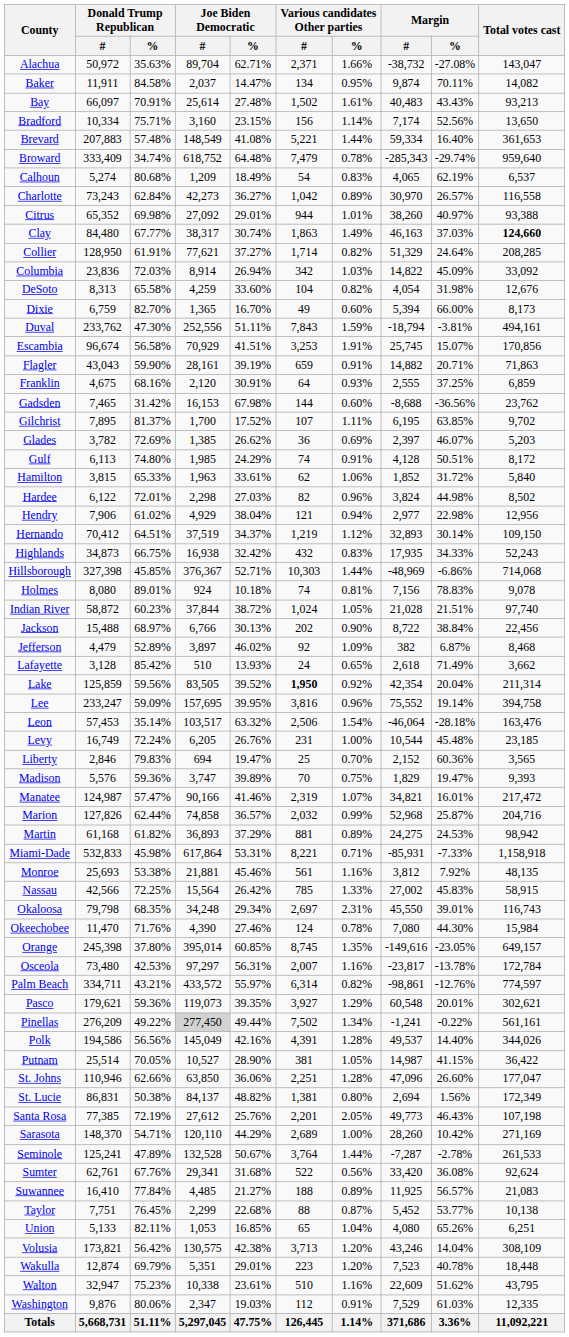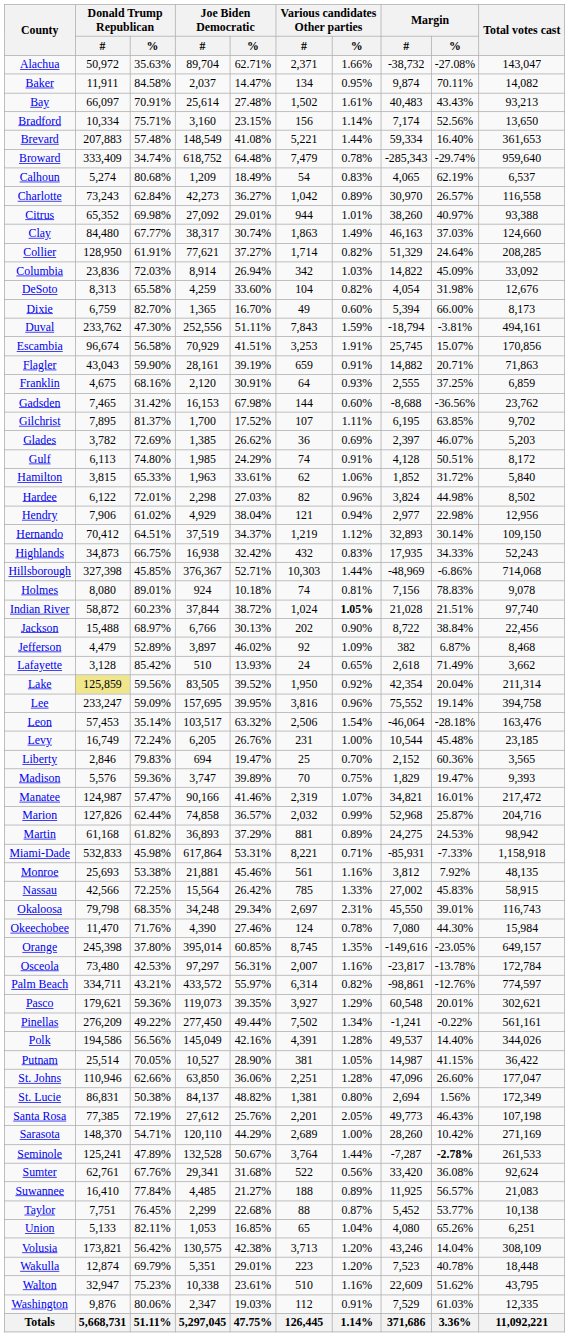 <table width="60%"  class="wikitable sortable" style="text-align:center">
 <tr>
 <th rowspan="2">County</th>
 <th style="text-align:center;" colspan="2">Donald Trump<br>Republican</th>
 <th style="text-align:center;" colspan="2">Joe Biden<br>Democratic</th>
 <th style="text-align:center;" colspan="2">Various candidates<br>Other parties</th>
 <th style="text-align:center;" colspan="2">Margin</th>
 <th style="text-align:center;" rowspan="2">Total votes cast</th>
 </tr>
 <tr>
 <th style="text-align:center;" data-sort-type="number">#</th>
 <th style="text-align:center;" data-sort-type="number">%</th>
 <th style="text-align:center;" data-sort-type="number">#</th>
 <th style="text-align:center;" data-sort-type="number">%</th>
 <th style="text-align:center;" data-sort-type="number">#</th>
 <th style="text-align:center;" data-sort-type="number">%</th>
 <th style="text-align:center;" data-sort-type="number">#</th>
 <th style="text-align:center;" data-sort-type="number">%</th>
 </tr>
 <tr style="text-align:center;">
 <td><a href='#'>Alachua</a></td>
 <td>50,972</td>
 <td>35.63%</td>
 <td>89,704</td>
 <td>62.71%</td>
 <td>2,371</td>
 <td>1.66%</td>
 <td>-38,732</td>
 <td>-27.08%</td>
 <td>143,047</td>
 </tr>
 <tr style="text-align:center;">
 <td><a href='#'>Baker</a></td>
 <td>11,911</td>
 <td>84.58%</td>
 <td>2,037</td>
 <td>14.47%</td>
 <td>134</td>
 <td>0.95%</td>
 <td>9,874</td>
 <td>70.11%</td>
 <td>14,082</td>
 </tr>
 <tr style="text-align:center;">
 <td><a href='#'>Bay</a></td>
 <td>66,097</td>
 <td>70.91%</td>
 <td>25,614</td>
 <td>27.48%</td>
 <td>1,502</td>
 <td>1.61%</td>
 <td>40,483</td>
 <td>43.43%</td>
 <td>93,213</td>
 </tr>
 <tr style="text-align:center;">
 <td><a href='#'>Bradford</a></td>
 <td>10,334</td>
 <td>75.71%</td>
 <td>3,160</td>
 <td>23.15%</td>
 <td>156</td>
 <td>1.14%</td>
 <td>7,174</td>
 <td>52.56%</td>
 <td>13,650</td>
 </tr>
 <tr style="text-align:center;">
 <td><a href='#'>Brevard</a></td>
 <td>207,883</td>
 <td>57.48%</td>
 <td>148,549</td>
 <td>41.08%</td>
 <td>5,221</td>
 <td>1.44%</td>
 <td>59,334</td>
 <td>16.40%</td>
 <td>361,653</td>
 </tr>
 <tr style="text-align:center;">
 <td><a href='#'>Broward</a></td>
 <td>333,409</td>
 <td>34.74%</td>
 <td>618,752</td>
 <td>64.48%</td>
 <td>7,479</td>
 <td>0.78%</td>
 <td>-285,343</td>
 <td>-29.74%</td>
 <td>959,640</td>
 </tr>
 <tr style="text-align:center;">
 <td><a href='#'>Calhoun</a></td>
 <td>5,274</td>
 <td>80.68%</td>
 <td>1,209</td>
 <td>18.49%</td>
 <td>54</td>
 <td>0.83%</td>
 <td>4,065</td>
 <td>62.19%</td>
 <td>6,537</td>
 </tr>
 <tr style="text-align:center;">
 <td><a href='#'>Charlotte</a></td>
 <td>73,243</td>
 <td>62.84%</td>
 <td>42,273</td>
 <td>36.27%</td>
 <td>1,042</td>
 <td>0.89%</td>
 <td>30,970</td>
 <td>26.57%</td>
 <td>116,558</td>
 </tr>
 <tr style="text-align:center;">
 <td><a href='#'>Citrus</a></td>
 <td>65,352</td>
 <td>69.98%</td>
 <td>27,092</td>
 <td>29.01%</td>
 <td>944</td>
 <td>1.01%</td>
 <td>38,260</td>
 <td>40.97%</td>
 <td>93,388</td>
 </tr>
 <tr style="text-align:center;">
 <td><a href='#'>Clay</a></td>
 <td>84,480</td>
 <td>67.77%</td>
 <td>38,317</td>
 <td>30.74%</td>
 <td>1,863</td>
 <td>1.49%</td>
 <td>46,163</td>
 <td>37.03%</td>
-<td><strong>124,660</strong></td>
+<td>124,660</td>
 </tr>
 <tr style="text-align:center;">
 <td><a href='#'>Collier</a></td>
 <td>128,950</td>
 <td>61.91%</td>
 <td>77,621</td>
 <td>37.27%</td>
 <td>1,714</td>
 <td>0.82%</td>
 <td>51,329</td>
 <td>24.64%</td>
 <td>208,285</td>
 </tr>
 <tr style="text-align:center;">
 <td><a href='#'>Columbia</a></td>
 <td>23,836</td>
 <td>72.03%</td>
 <td>8,914</td>
 <td>26.94%</td>
 <td>342</td>
 <td>1.03%</td>
 <td>14,822</td>
 <td>45.09%</td>
 <td>33,092</td>
 </tr>
 <tr style="text-align:center;">
 <td><a href='#'>DeSoto</a></td>
 <td>8,313</td>
 <td>65.58%</td>
 <td>4,259</td>
 <td>33.60%</td>
 <td>104</td>
 <td>0.82%</td>
 <td>4,054</td>
 <td>31.98%</td>
 <td>12,676</td>
 </tr>
 <tr style="text-align:center;">
 <td><a href='#'>Dixie</a></td>
 <td>6,759</td>
 <td>82.70%</td>
 <td>1,365</td>
 <td>16.70%</td>
 <td>49</td>
 <td>0.60%</td>
 <td>5,394</td>
 <td>66.00%</td>
 <td>8,173</td>
 </tr>
 <tr style="text-align:center;">
 <td><a href='#'>Duval</a></td>
 <td>233,762</td>
 <td>47.30%</td>
 <td>252,556</td>
 <td>51.11%</td>
 <td>7,843</td>
 <td>1.59%</td>
 <td>-18,794</td>
 <td>-3.81%</td>
 <td>494,161</td>
 </tr>
 <tr style="text-align:center;">
 <td><a href='#'>Escambia</a></td>
 <td>96,674</td>
 <td>56.58%</td>
 <td>70,929</td>
 <td>41.51%</td>
 <td>3,253</td>
 <td>1.91%</td>
 <td>25,745</td>
 <td>15.07%</td>
 <td>170,856</td>
 </tr>
 <tr style="text-align:center;">
 <td><a href='#'>Flagler</a></td>
 <td>43,043</td>
 <td>59.90%</td>
 <td>28,161</td>
 <td>39.19%</td>
 <td>659</td>
 <td>0.91%</td>
 <td>14,882</td>
 <td>20.71%</td>
 <td>71,863</td>
 </tr>
 <tr style="text-align:center;">
 <td><a href='#'>Franklin</a></td>
 <td>4,675</td>
 <td>68.16%</td>
 <td>2,120</td>
 <td>30.91%</td>
 <td>64</td>
 <td>0.93%</td>
 <td>2,555</td>
 <td>37.25%</td>
 <td>6,859</td>
 </tr>
 <tr style="text-align:center;">
 <td><a href='#'>Gadsden</a></td>
 <td>7,465</td>
 <td>31.42%</td>
 <td>16,153</td>
 <td>67.98%</td>
 <td>144</td>
 <td>0.60%</td>
 <td>-8,688</td>
 <td>-36.56%</td>
 <td>23,762</td>
 </tr>
 <tr style="text-align:center;">
 <td><a href='#'>Gilchrist</a></td>
 <td>7,895</td>
 <td>81.37%</td>
 <td>1,700</td>
 <td>17.52%</td>
 <td>107</td>
 <td>1.11%</td>
 <td>6,195</td>
 <td>63.85%</td>
 <td>9,702</td>
 </tr>
 <tr style="text-align:center;">
 <td><a href='#'>Glades</a></td>
 <td>3,782</td>
 <td>72.69%</td>
 <td>1,385</td>
 <td>26.62%</td>
 <td>36</td>
 <td>0.69%</td>
 <td>2,397</td>
 <td>46.07%</td>
 <td>5,203</td>
 </tr>
 <tr style="text-align:center;">
 <td><a href='#'>Gulf</a></td>
 <td>6,113</td>
 <td>74.80%</td>
 <td>1,985</td>
 <td>24.29%</td>
 <td>74</td>
 <td>0.91%</td>
 <td>4,128</td>
 <td>50.51%</td>
 <td>8,172</td>
 </tr>
 <tr style="text-align:center;">
 <td><a href='#'>Hamilton</a></td>
 <td>3,815</td>
 <td>65.33%</td>
 <td>1,963</td>
 <td>33.61%</td>
 <td>62</td>
 <td>1.06%</td>
 <td>1,852</td>
 <td>31.72%</td>
 <td>5,840</td>
 </tr>
 <tr style="text-align:center;">
 <td><a href='#'>Hardee</a></td>
 <td>6,122</td>
 <td>72.01%</td>
 <td>2,298</td>
 <td>27.03%</td>
 <td>82</td>
 <td>0.96%</td>
 <td>3,824</td>
 <td>44.98%</td>
 <td>8,502</td>
 </tr>
 <tr style="text-align:center;">
 <td><a href='#'>Hendry</a></td>
 <td>7,906</td>
 <td>61.02%</td>
 <td>4,929</td>
 <td>38.04%</td>
 <td>121</td>
 <td>0.94%</td>
 <td>2,977</td>
 <td>22.98%</td>
 <td>12,956</td>
 </tr>
 <tr style="text-align:center;">
 <td><a href='#'>Hernando</a></td>
 <td>70,412</td>
 <td>64.51%</td>
 <td>37,519</td>
 <td>34.37%</td>
 <td>1,219</td>
 <td>1.12%</td>
 <td>32,893</td>
 <td>30.14%</td>
 <td>109,150</td>
 </tr>
 <tr style="text-align:center;">
 <td><a href='#'>Highlands</a></td>
 <td>34,873</td>
 <td>66.75%</td>
 <td>16,938</td>
 <td>32.42%</td>
 <td>432</td>
 <td>0.83%</td>
 <td>17,935</td>
 <td>34.33%</td>
 <td>52,243</td>
 </tr>
 <tr style="text-align:center;">
 <td><a href='#'>Hillsborough</a></td>
 <td>327,398</td>
 <td>45.85%</td>
 <td>376,367</td>
 <td>52.71%</td>
 <td>10,303</td>
 <td>1.44%</td>
 <td>-48,969</td>
 <td>-6.86%</td>
 <td>714,068</td>
 </tr>
 <tr style="text-align:center;">
 <td><a href='#'>Holmes</a></td>
 <td>8,080</td>
 <td>89.01%</td>
 <td>924</td>
 <td>10.18%</td>
 <td>74</td>
 <td>0.81%</td>
 <td>7,156</td>
 <td>78.83%</td>
 <td>9,078</td>
 </tr>
 <tr style="text-align:center;">
 <td><a href='#'>Indian River</a></td>
 <td>58,872</td>
 <td>60.23%</td>
 <td>37,844</td>
 <td>38.72%</td>
 <td>1,024</td>
-<td>1.05%</td>
+<td><strong>1.05%</strong></td>
 <td>21,028</td>
 <td>21.51%</td>
 <td>97,740</td>
 </tr>
 <tr style="text-align:center;">
 <td><a href='#'>Jackson</a></td>
 <td>15,488</td>
 <td>68.97%</td>
 <td>6,766</td>
 <td>30.13%</td>
 <td>202</td>
 <td>0.90%</td>
 <td>8,722</td>
 <td>38.84%</td>
 <td>22,456</td>
 </tr>
 <tr style="text-align:center;">
 <td><a href='#'>Jefferson</a></td>
 <td>4,479</td>
 <td>52.89%</td>
 <td>3,897</td>
 <td>46.02%</td>
 <td>92</td>
 <td>1.09%</td>
 <td>382</td>
 <td>6.87%</td>
 <td>8,468</td>
 </tr>
 <tr style="text-align:center;">
 <td><a href='#'>Lafayette</a></td>
 <td>3,128</td>
 <td>85.42%</td>
 <td>510</td>
 <td>13.93%</td>
 <td>24</td>
 <td>0.65%</td>
 <td>2,618</td>
 <td>71.49%</td>
 <td>3,662</td>
 </tr>
 <tr style="text-align:center;">
 <td><a href='#'>Lake</a></td>
-<td>125,859</td>
+<td style="background: khaki;">125,859</td>
 <td>59.56%</td>
 <td>83,505</td>
 <td>39.52%</td>
-<td><strong>1,950</strong></td>
+<td>1,950</td>
 <td>0.92%</td>
 <td>42,354</td>
 <td>20.04%</td>
 <td>211,314</td>
 </tr>
 <tr style="text-align:center;">
 <td><a href='#'>Lee</a></td>
 <td>233,247</td>
 <td>59.09%</td>
 <td>157,695</td>
 <td>39.95%</td>
 <td>3,816</td>
 <td>0.96%</td>
 <td>75,552</td>
 <td>19.14%</td>
 <td>394,758</td>
 </tr>
 <tr style="text-align:center;">
 <td><a href='#'>Leon</a></td>
 <td>57,453</td>
 <td>35.14%</td>
 <td>103,517</td>
 <td>63.32%</td>
 <td>2,506</td>
 <td>1.54%</td>
 <td>-46,064</td>
 <td>-28.18%</td>
 <td>163,476</td>
 </tr>
 <tr style="text-align:center;">
 <td><a href='#'>Levy</a></td>
 <td>16,749</td>
 <td>72.24%</td>
 <td>6,205</td>
 <td>26.76%</td>
 <td>231</td>
 <td>1.00%</td>
 <td>10,544</td>
 <td>45.48%</td>
 <td>23,185</td>
 </tr>
 <tr style="text-align:center;">
 <td><a href='#'>Liberty</a></td>
 <td>2,846</td>
 <td>79.83%</td>
 <td>694</td>
 <td>19.47%</td>
 <td>25</td>
 <td>0.70%</td>
 <td>2,152</td>
 <td>60.36%</td>
 <td>3,565</td>
 </tr>
 <tr style="text-align:center;">
 <td><a href='#'>Madison</a></td>
 <td>5,576</td>
 <td>59.36%</td>
 <td>3,747</td>
 <td>39.89%</td>
 <td>70</td>
 <td>0.75%</td>
 <td>1,829</td>
 <td>19.47%</td>
 <td>9,393</td>
 </tr>
 <tr style="text-align:center;">
 <td><a href='#'>Manatee</a></td>
 <td>124,987</td>
 <td>57.47%</td>
 <td>90,166</td>
 <td>41.46%</td>
 <td>2,319</td>
 <td>1.07%</td>
 <td>34,821</td>
 <td>16.01%</td>
 <td>217,472</td>
 </tr>
 <tr style="text-align:center;">
 <td><a href='#'>Marion</a></td>
 <td>127,826</td>
 <td>62.44%</td>
 <td>74,858</td>
 <td>36.57%</td>
 <td>2,032</td>
 <td>0.99%</td>
 <td>52,968</td>
 <td>25.87%</td>
 <td>204,716</td>
 </tr>
 <tr style="text-align:center;">
 <td><a href='#'>Martin</a></td>
 <td>61,168</td>
 <td>61.82%</td>
 <td>36,893</td>
 <td>37.29%</td>
 <td>881</td>
 <td>0.89%</td>
 <td>24,275</td>
 <td>24.53%</td>
 <td>98,942</td>
 </tr>
 <tr style="text-align:center;">
 <td><a href='#'>Miami-Dade</a></td>
 <td>532,833</td>
 <td>45.98%</td>
 <td>617,864</td>
 <td>53.31%</td>
 <td>8,221</td>
 <td>0.71%</td>
 <td>-85,931</td>
 <td>-7.33%</td>
 <td>1,158,918</td>
 </tr>
 <tr style="text-align:center;">
 <td><a href='#'>Monroe</a></td>
 <td>25,693</td>
 <td>53.38%</td>
 <td>21,881</td>
 <td>45.46%</td>
 <td>561</td>
 <td>1.16%</td>
 <td>3,812</td>
 <td>7.92%</td>
 <td>48,135</td>
 </tr>
 <tr style="text-align:center;">
 <td><a href='#'>Nassau</a></td>
 <td>42,566</td>
 <td>72.25%</td>
 <td>15,564</td>
 <td>26.42%</td>
 <td>785</td>
 <td>1.33%</td>
 <td>27,002</td>
 <td>45.83%</td>
 <td>58,915</td>
 </tr>
 <tr style="text-align:center;">
 <td><a href='#'>Okaloosa</a></td>
 <td>79,798</td>
 <td>68.35%</td>
 <td>34,248</td>
 <td>29.34%</td>
 <td>2,697</td>
 <td>2.31%</td>
 <td>45,550</td>
 <td>39.01%</td>
 <td>116,743</td>
 </tr>
 <tr style="text-align:center;">
 <td><a href='#'>Okeechobee</a></td>
 <td>11,470</td>
 <td>71.76%</td>
 <td>4,390</td>
 <td>27.46%</td>
 <td>124</td>
 <td>0.78%</td>
 <td>7,080</td>
 <td>44.30%</td>
 <td>15,984</td>
 </tr>
 <tr style="text-align:center;">
 <td><a href='#'>Orange</a></td>
 <td>245,398</td>
 <td>37.80%</td>
 <td>395,014</td>
 <td>60.85%</td>
 <td>8,745</td>
 <td>1.35%</td>
 <td>-149,616</td>
 <td>-23.05%</td>
 <td>649,157</td>
 </tr>
 <tr style="text-align:center;">
 <td><a href='#'>Osceola</a></td>
 <td>73,480</td>
 <td>42.53%</td>
 <td>97,297</td>
 <td>56.31%</td>
 <td>2,007</td>
 <td>1.16%</td>
 <td>-23,817</td>
 <td>-13.78%</td>
 <td>172,784</td>
 </tr>
 <tr style="text-align:center;">
 <td><a href='#'>Palm Beach</a></td>
 <td>334,711</td>
 <td>43.21%</td>
 <td>433,572</td>
 <td>55.97%</td>
 <td>6,314</td>
 <td>0.82%</td>
 <td>-98,861</td>
 <td>-12.76%</td>
 <td>774,597</td>
 </tr>
 <tr style="text-align:center;">
 <td><a href='#'>Pasco</a></td>
 <td>179,621</td>
 <td>59.36%</td>
 <td>119,073</td>
 <td>39.35%</td>
 <td>3,927</td>
 <td>1.29%</td>
 <td>60,548</td>
 <td>20.01%</td>
 <td>302,621</td>
 </tr>
 <tr style="text-align:center;">
 <td><a href='#'>Pinellas</a></td>
 <td>276,209</td>
 <td>49.22%</td>
-<td style="background: lightgrey;">277,450</td>
+<td>277,450</td>
 <td>49.44%</td>
 <td>7,502</td>
 <td>1.34%</td>
 <td>-1,241</td>
 <td>-0.22%</td>
 <td>561,161</td>
 </tr>
 <tr style="text-align:center;">
 <td><a href='#'>Polk</a></td>
 <td>194,586</td>
 <td>56.56%</td>
 <td>145,049</td>
 <td>42.16%</td>
 <td>4,391</td>
 <td>1.28%</td>
 <td>49,537</td>
 <td>14.40%</td>
 <td>344,026</td>
 </tr>
 <tr style="text-align:center;">
 <td><a href='#'>Putnam</a></td>
 <td>25,514</td>
 <td>70.05%</td>
 <td>10,527</td>
 <td>28.90%</td>
 <td>381</td>
 <td>1.05%</td>
 <td>14,987</td>
 <td>41.15%</td>
 <td>36,422</td>
 </tr>
 <tr style="text-align:center;">
 <td><a href='#'>St. Johns</a></td>
 <td>110,946</td>
 <td>62.66%</td>
 <td>63,850</td>
 <td>36.06%</td>
 <td>2,251</td>
 <td>1.28%</td>
 <td>47,096</td>
 <td>26.60%</td>
 <td>177,047</td>
 </tr>
 <tr style="text-align:center;">
 <td><a href='#'>St. Lucie</a></td>
 <td>86,831</td>
 <td>50.38%</td>
 <td>84,137</td>
 <td>48.82%</td>
 <td>1,381</td>
 <td>0.80%</td>
 <td>2,694</td>
 <td>1.56%</td>
 <td>172,349</td>
 </tr>
 <tr style="text-align:center;">
 <td><a href='#'>Santa Rosa</a></td>
 <td>77,385</td>
 <td>72.19%</td>
 <td>27,612</td>
 <td>25.76%</td>
 <td>2,201</td>
 <td>2.05%</td>
 <td>49,773</td>
 <td>46.43%</td>
 <td>107,198</td>
 </tr>
 <tr style="text-align:center;">
 <td><a href='#'>Sarasota</a></td>
 <td>148,370</td>
 <td>54.71%</td>
 <td>120,110</td>
 <td>44.29%</td>
 <td>2,689</td>
 <td>1.00%</td>
 <td>28,260</td>
 <td>10.42%</td>
 <td>271,169</td>
 </tr>
 <tr style="text-align:center;">
 <td><a href='#'>Seminole</a></td>
 <td>125,241</td>
 <td>47.89%</td>
 <td>132,528</td>
 <td>50.67%</td>
 <td>3,764</td>
 <td>1.44%</td>
 <td>-7,287</td>
-<td>-2.78%</td>
+<td><strong>-2.78%</strong></td>
 <td>261,533</td>
 </tr>
 <tr style="text-align:center;">
 <td><a href='#'>Sumter</a></td>
 <td>62,761</td>
 <td>67.76%</td>
 <td>29,341</td>
 <td>31.68%</td>
 <td>522</td>
 <td>0.56%</td>
 <td>33,420</td>
 <td>36.08%</td>
 <td>92,624</td>
 </tr>
 <tr style="text-align:center;">
 <td><a href='#'>Suwannee</a></td>
 <td>16,410</td>
 <td>77.84%</td>
 <td>4,485</td>
 <td>21.27%</td>
 <td>188</td>
 <td>0.89%</td>
 <td>11,925</td>
 <td>56.57%</td>
 <td>21,083</td>
 </tr>
 <tr style="text-align:center;">
 <td><a href='#'>Taylor</a></td>
 <td>7,751</td>
 <td>76.45%</td>
 <td>2,299</td>
 <td>22.68%</td>
 <td>88</td>
 <td>0.87%</td>
 <td>5,452</td>
 <td>53.77%</td>
 <td>10,138</td>
 </tr>
 <tr style="text-align:center;">
 <td><a href='#'>Union</a></td>
 <td>5,133</td>
 <td>82.11%</td>
 <td>1,053</td>
 <td>16.85%</td>
 <td>65</td>
 <td>1.04%</td>
 <td>4,080</td>
 <td>65.26%</td>
 <td>6,251</td>
 </tr>
 <tr style="text-align:center;">
 <td><a href='#'>Volusia</a></td>
 <td>173,821</td>
 <td>56.42%</td>
 <td>130,575</td>
 <td>42.38%</td>
 <td>3,713</td>
 <td>1.20%</td>
 <td>43,246</td>
 <td>14.04%</td>
 <td>308,109</td>
 </tr>
 <tr style="text-align:center;">
 <td><a href='#'>Wakulla</a></td>
 <td>12,874</td>
 <td>69.79%</td>
 <td>5,351</td>
 <td>29.01%</td>
 <td>223</td>
 <td>1.20%</td>
 <td>7,523</td>
 <td>40.78%</td>
 <td>18,448</td>
 </tr>
 <tr style="text-align:center;">
 <td><a href='#'>Walton</a></td>
 <td>32,947</td>
 <td>75.23%</td>
 <td>10,338</td>
 <td>23.61%</td>
 <td>510</td>
 <td>1.16%</td>
 <td>22,609</td>
 <td>51.62%</td>
 <td>43,795</td>
 </tr>
 <tr style="text-align:center;">
 <td><a href='#'>Washington</a></td>
 <td>9,876</td>
 <td>80.06%</td>
 <td>2,347</td>
 <td>19.03%</td>
 <td>112</td>
 <td>0.91%</td>
 <td>7,529</td>
 <td>61.03%</td>
 <td>12,335</td>
 </tr>
 <tr style="text-align:center;">
 <th>Totals</th>
 <th>5,668,731</th>
 <th>51.11%</th>
 <th>5,297,045</th>
 <th>47.75%</th>
 <th>126,445</th>
 <th>1.14%</th>
 <th>371,686</th>
 <th>3.36%</th>
 <th>11,092,221</th>
 </tr>
 </table>
